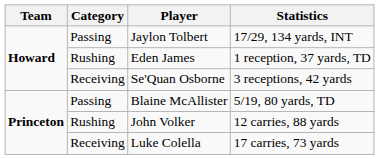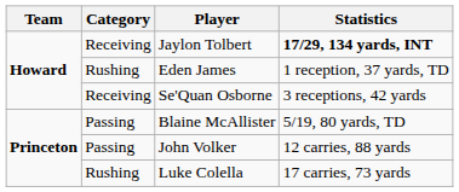 <table class="wikitable" style="float: right;">
 <tr>
 <th>Team</th>
 <th>Category</th>
 <th>Player</th>
 <th>Statistics</th>
 </tr>
 <tr>
 <td rowspan=3><strong>Howard</strong></td>
-<td>Passing</td>
+<td>Receiving</td>
 <td>Jaylon Tolbert</td>
-<td>17/29, 134 yards, INT</td>
+<td><strong>17/29, 134 yards, INT</strong></td>
 </tr>
 <tr>
 <td>Rushing</td>
 <td>Eden James</td>
 <td>1 reception, 37 yards, TD</td>
 </tr>
 <tr>
 <td>Receiving</td>
 <td>Se'Quan Osborne</td>
 <td>3 receptions, 42 yards</td>
 </tr>
 <tr>
 <td rowspan=3><strong>Princeton</strong></td>
 <td>Passing</td>
 <td>Blaine McAllister</td>
 <td>5/19, 80 yards, TD</td>
 </tr>
 <tr>
-<td>Rushing</td>
+<td>Passing</td>
 <td>John Volker</td>
 <td>12 carries, 88 yards</td>
 </tr>
 <tr>
-<td>Receiving</td>
+<td>Rushing</td>
 <td>Luke Colella</td>
 <td>17 carries, 73 yards</td>
 </tr>
 </table>
